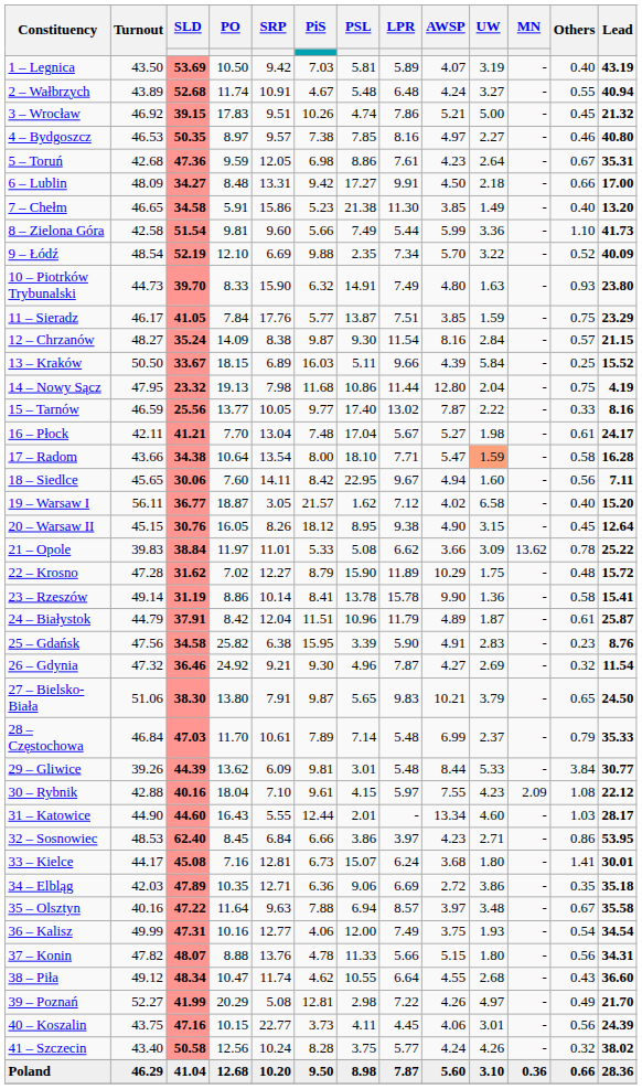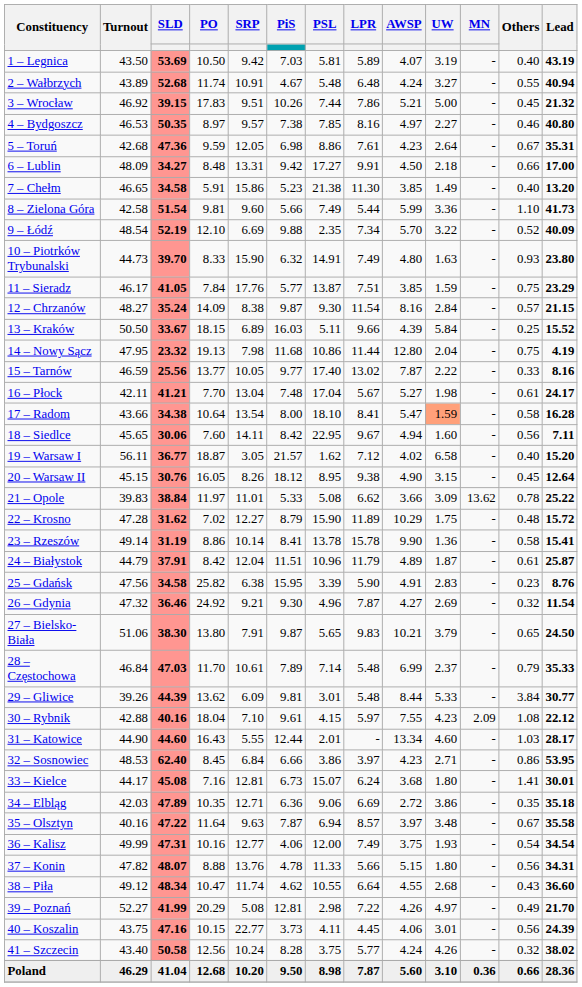 <table class="wikitable sortable collapsible" style="font-size:85%; text-align:right">
 <tr style="height:42px; text-align:center; background-color:#E9E9E9">
 <th rowspan="2" style="width:120px;">Constituency</th>
 <th rowspan="2" data-sort-type="number" style="width:30px;">Turnout</th>
 <th style="width:40px;" class="unsortable"><a href='#'>SLD</a></th>
 <th style="width:40px;" class="unsortable"><a href='#'>PO</a></th>
 <th style="width:40px;" class="unsortable"><a href='#'>SRP</a></th>
 <th style="width:40px;" class="unsortable"><a href='#'>PiS</a></th>
 <th style="width:40px;" class="unsortable"><a href='#'>PSL</a></th>
 <th style="width:40px;" class="unsortable"><a href='#'>LPR</a></th>
 <th style="width:40px;" class="unsortable"><a href='#'>AWSP</a></th>
 <th style="width:40px;" class="unsortable"><a href='#'>UW</a></th>
 <th style="width:40px;" class="unsortable"><a href='#'>MN</a></th>
 <th rowspan="2" data-sort-type="number" style="width:40px;">Others</th>
 <th rowspan="2" data-sort-type="number" style="width:30px;">Lead</th>
 </tr>
 <tr>
 <th data-sort-type="number" style="height:1px; background:"></th>
 <th data-sort-type="number" style="height:1px; background:"></th>
 <th data-sort-type="number" style="height:1px; background:"></th>
 <th data-sort-type="number" style="height:1px; background:#00a1b0;"></th>
 <th data-sort-type="number" style="height:1px; background:"></th>
 <th data-sort-type="number" style="height:1px; background:"></th>
 <th data-sort-type="number" style="height:1px; background:"></th>
 <th data-sort-type="number" style="height:1px; background:"></th>
 <th data-sort-type="number" style="height:1px; background:"></th>
 </tr>
 <tr>
 <td align=left><a href='#'>1 – Legnica</a></td>
 <td>43.50</td>
 <td style="font-weight:bold; background:#FF9691">53.69</td>
 <td>10.50</td>
 <td>9.42</td>
 <td>7.03</td>
 <td>5.81</td>
 <td>5.89</td>
 <td>4.07</td>
 <td>3.19</td>
 <td>-</td>
 <td>0.40</td>
 <td style="background:"><strong>43.19</strong></td>
 </tr>
 <tr>
 <td align=left><a href='#'>2 – Wałbrzych</a></td>
 <td>43.89</td>
 <td style="font-weight:bold; background:#FF9691">52.68</td>
 <td>11.74</td>
 <td>10.91</td>
 <td>4.67</td>
 <td>5.48</td>
 <td>6.48</td>
 <td>4.24</td>
 <td>3.27</td>
 <td>-</td>
 <td>0.55</td>
 <td style="background:"><strong>40.94</strong></td>
 </tr>
 <tr>
 <td align=left><a href='#'>3 – Wrocław</a></td>
 <td>46.92</td>
 <td style="font-weight:bold; background:#FF9691">39.15</td>
 <td>17.83</td>
 <td>9.51</td>
 <td>10.26</td>
-<td>4.74</td>
+<td>7.44</td>
 <td>7.86</td>
 <td>5.21</td>
 <td>5.00</td>
 <td>-</td>
 <td>0.45</td>
 <td style="background:"><strong>21.32</strong></td>
 </tr>
 <tr>
 <td align=left><a href='#'>4 – Bydgoszcz</a></td>
 <td>46.53</td>
 <td style="font-weight:bold; background:#FF9691">50.35</td>
 <td>8.97</td>
 <td>9.57</td>
 <td>7.38</td>
 <td>7.85</td>
 <td>8.16</td>
 <td>4.97</td>
 <td>2.27</td>
 <td>-</td>
 <td>0.46</td>
 <td style="background:"><strong>40.80</strong></td>
 </tr>
 <tr>
 <td align=left><a href='#'>5 – Toruń</a></td>
 <td>42.68</td>
 <td style="font-weight:bold; background:#FF9691">47.36</td>
 <td>9.59</td>
 <td>12.05</td>
 <td>6.98</td>
 <td>8.86</td>
 <td>7.61</td>
 <td>4.23</td>
 <td>2.64</td>
 <td>-</td>
 <td>0.67</td>
 <td style="background:"><strong>35.31</strong></td>
 </tr>
 <tr>
 <td align=left><a href='#'>6 – Lublin</a></td>
 <td>48.09</td>
 <td style="font-weight:bold; background:#FF9691">34.27</td>
 <td>8.48</td>
 <td>13.31</td>
 <td>9.42</td>
 <td>17.27</td>
 <td>9.91</td>
 <td>4.50</td>
 <td>2.18</td>
 <td>-</td>
 <td>0.66</td>
 <td style="background:"><strong>17.00</strong></td>
 </tr>
 <tr>
 <td align=left><a href='#'>7 – Chełm</a></td>
 <td>46.65</td>
 <td style="font-weight:bold; background:#FF9691">34.58</td>
 <td>5.91</td>
 <td>15.86</td>
 <td>5.23</td>
 <td>21.38</td>
 <td>11.30</td>
 <td>3.85</td>
 <td>1.49</td>
 <td>-</td>
 <td>0.40</td>
 <td style="background:"><strong>13.20</strong></td>
 </tr>
 <tr>
 <td align=left><a href='#'>8 – Zielona Góra</a></td>
 <td>42.58</td>
 <td style="font-weight:bold; background:#FF9691">51.54</td>
 <td>9.81</td>
 <td>9.60</td>
 <td>5.66</td>
 <td>7.49</td>
 <td>5.44</td>
 <td>5.99</td>
 <td>3.36</td>
 <td>-</td>
 <td>1.10</td>
 <td style="background:"><strong>41.73</strong></td>
 </tr>
 <tr>
 <td align=left><a href='#'>9 – Łódź</a></td>
 <td>48.54</td>
 <td style="font-weight:bold; background:#FF9691">52.19</td>
 <td>12.10</td>
 <td>6.69</td>
 <td>9.88</td>
 <td>2.35</td>
 <td>7.34</td>
 <td>5.70</td>
 <td>3.22</td>
 <td>-</td>
 <td>0.52</td>
 <td style="background:"><strong>40.09</strong></td>
 </tr>
 <tr>
 <td align=left><a href='#'>10 – Piotrków Trybunalski</a></td>
 <td>44.73</td>
 <td style="font-weight:bold; background:#FF9691">39.70</td>
 <td>8.33</td>
 <td>15.90</td>
 <td>6.32</td>
 <td>14.91</td>
 <td>7.49</td>
 <td>4.80</td>
 <td>1.63</td>
 <td>-</td>
 <td>0.93</td>
 <td style="background:"><strong>23.80</strong></td>
 </tr>
 <tr>
 <td align=left><a href='#'>11 – Sieradz</a></td>
 <td>46.17</td>
 <td style="font-weight:bold; background:#FF9691">41.05</td>
 <td>7.84</td>
 <td>17.76</td>
 <td>5.77</td>
 <td>13.87</td>
 <td>7.51</td>
 <td>3.85</td>
 <td>1.59</td>
 <td>-</td>
 <td>0.75</td>
 <td style="background:"><strong>23.29</strong></td>
 </tr>
 <tr>
 <td align=left><a href='#'>12 – Chrzanów</a></td>
 <td>48.27</td>
 <td style="font-weight:bold; background:#FF9691">35.24</td>
 <td>14.09</td>
 <td>8.38</td>
 <td>9.87</td>
 <td>9.30</td>
 <td>11.54</td>
 <td>8.16</td>
 <td>2.84</td>
 <td>-</td>
 <td>0.57</td>
 <td style="background:"><strong>21.15</strong></td>
 </tr>
 <tr>
 <td align=left><a href='#'>13 – Kraków</a></td>
 <td>50.50</td>
 <td style="font-weight:bold; background:#FF9691">33.67</td>
 <td>18.15</td>
 <td>6.89</td>
 <td>16.03</td>
 <td>5.11</td>
 <td>9.66</td>
 <td>4.39</td>
 <td>5.84</td>
 <td>-</td>
 <td>0.25</td>
 <td style="background:"><strong>15.52</strong></td>
 </tr>
 <tr>
 <td align=left><a href='#'>14 – Nowy Sącz</a></td>
 <td>47.95</td>
 <td style="font-weight:bold; background:#FF9691">23.32</td>
 <td>19.13</td>
 <td>7.98</td>
 <td>11.68</td>
 <td>10.86</td>
 <td>11.44</td>
 <td>12.80</td>
 <td>2.04</td>
 <td>-</td>
 <td>0.75</td>
 <td style="background:"><strong>4.19</strong></td>
 </tr>
 <tr>
 <td align=left><a href='#'>15 – Tarnów</a></td>
 <td>46.59</td>
 <td style="font-weight:bold; background:#FF9691">25.56</td>
 <td>13.77</td>
 <td>10.05</td>
 <td>9.77</td>
 <td>17.40</td>
 <td>13.02</td>
 <td>7.87</td>
 <td>2.22</td>
 <td>-</td>
 <td>0.33</td>
 <td style="background:"><strong>8.16</strong></td>
 </tr>
 <tr>
 <td align=left><a href='#'>16 – Płock</a></td>
 <td>42.11</td>
 <td style="font-weight:bold; background:#FF9691">41.21</td>
 <td>7.70</td>
 <td>13.04</td>
 <td>7.48</td>
 <td>17.04</td>
 <td>5.67</td>
 <td>5.27</td>
 <td>1.98</td>
 <td>-</td>
 <td>0.61</td>
 <td style="background:"><strong>24.17</strong></td>
 </tr>
 <tr>
 <td align=left><a href='#'>17 – Radom</a></td>
 <td>43.66</td>
 <td style="font-weight:bold; background:#FF9691">34.38</td>
 <td>10.64</td>
 <td>13.54</td>
 <td>8.00</td>
 <td>18.10</td>
-<td>7.71</td>
+<td>8.41</td>
 <td>5.47</td>
 <td style="background: lightsalmon;">1.59</td>
 <td>-</td>
 <td>0.58</td>
 <td style="background:"><strong>16.28</strong></td>
 </tr>
 <tr>
 <td align=left><a href='#'>18 – Siedlce</a></td>
 <td>45.65</td>
 <td style="font-weight:bold; background:#FF9691">30.06</td>
 <td>7.60</td>
 <td>14.11</td>
 <td>8.42</td>
 <td>22.95</td>
 <td>9.67</td>
 <td>4.94</td>
 <td>1.60</td>
 <td>-</td>
 <td>0.56</td>
 <td style="background:"><strong>7.11</strong></td>
 </tr>
 <tr>
 <td align=left><a href='#'>19 – Warsaw I</a></td>
 <td>56.11</td>
 <td style="font-weight:bold; background:#FF9691">36.77</td>
 <td>18.87</td>
 <td>3.05</td>
 <td>21.57</td>
 <td>1.62</td>
 <td>7.12</td>
 <td>4.02</td>
 <td>6.58</td>
 <td>-</td>
 <td>0.40</td>
 <td style="background:"><strong>15.20</strong></td>
 </tr>
 <tr>
 <td align=left><a href='#'>20 – Warsaw II</a></td>
 <td>45.15</td>
 <td style="font-weight:bold; background:#FF9691">30.76</td>
 <td>16.05</td>
 <td>8.26</td>
 <td>18.12</td>
 <td>8.95</td>
 <td>9.38</td>
 <td>4.90</td>
 <td>3.15</td>
 <td>-</td>
 <td>0.45</td>
 <td style="background:"><strong>12.64</strong></td>
 </tr>
 <tr>
 <td align=left><a href='#'>21 – Opole</a></td>
 <td>39.83</td>
 <td style="font-weight:bold; background:#FF9691">38.84</td>
 <td>11.97</td>
 <td>11.01</td>
 <td>5.33</td>
 <td>5.08</td>
 <td>6.62</td>
 <td>3.66</td>
 <td>3.09</td>
 <td>13.62</td>
 <td>0.78</td>
 <td style="background:"><strong>25.22</strong></td>
 </tr>
 <tr>
 <td align=left><a href='#'>22 – Krosno</a></td>
 <td>47.28</td>
 <td style="font-weight:bold; background:#FF9691">31.62</td>
 <td>7.02</td>
 <td>12.27</td>
 <td>8.79</td>
 <td>15.90</td>
 <td>11.89</td>
 <td>10.29</td>
 <td>1.75</td>
 <td>-</td>
 <td>0.48</td>
 <td style="background:"><strong>15.72</strong></td>
 </tr>
 <tr>
 <td align=left><a href='#'>23 – Rzeszów</a></td>
 <td>49.14</td>
 <td style="font-weight:bold; background:#FF9691">31.19</td>
 <td>8.86</td>
 <td>10.14</td>
 <td>8.41</td>
 <td>13.78</td>
 <td>15.78</td>
 <td>9.90</td>
 <td>1.36</td>
 <td>-</td>
 <td>0.58</td>
 <td style="background:"><strong>15.41</strong></td>
 </tr>
 <tr>
 <td align=left><a href='#'>24 – Białystok</a></td>
 <td>44.79</td>
 <td style="font-weight:bold; background:#FF9691">37.91</td>
 <td>8.42</td>
 <td>12.04</td>
 <td>11.51</td>
 <td>10.96</td>
 <td>11.79</td>
 <td>4.89</td>
 <td>1.87</td>
 <td>-</td>
 <td>0.61</td>
 <td style="background:"><strong>25.87</strong></td>
 </tr>
 <tr>
 <td align=left><a href='#'>25 – Gdańsk</a></td>
 <td>47.56</td>
 <td style="font-weight:bold; background:#FF9691">34.58</td>
 <td>25.82</td>
 <td>6.38</td>
 <td>15.95</td>
 <td>3.39</td>
 <td>5.90</td>
 <td>4.91</td>
 <td>2.83</td>
 <td>-</td>
 <td>0.23</td>
 <td style="background:"><strong>8.76</strong></td>
 </tr>
 <tr>
 <td align=left><a href='#'>26 – Gdynia</a></td>
 <td>47.32</td>
 <td style="font-weight:bold; background:#FF9691">36.46</td>
 <td>24.92</td>
 <td>9.21</td>
 <td>9.30</td>
 <td>4.96</td>
 <td>7.87</td>
 <td>4.27</td>
 <td>2.69</td>
 <td>-</td>
 <td>0.32</td>
 <td style="background:"><strong>11.54</strong></td>
 </tr>
 <tr>
 <td align=left><a href='#'>27 – Bielsko-Biała</a></td>
 <td>51.06</td>
 <td style="font-weight:bold; background:#FF9691">38.30</td>
 <td>13.80</td>
 <td>7.91</td>
 <td>9.87</td>
 <td>5.65</td>
 <td>9.83</td>
 <td>10.21</td>
 <td>3.79</td>
 <td>-</td>
 <td>0.65</td>
 <td style="background:"><strong>24.50</strong></td>
 </tr>
 <tr>
 <td align=left><a href='#'>28 – Częstochowa</a></td>
 <td>46.84</td>
 <td style="font-weight:bold; background:#FF9691">47.03</td>
 <td>11.70</td>
 <td>10.61</td>
 <td>7.89</td>
 <td>7.14</td>
 <td>5.48</td>
 <td>6.99</td>
 <td>2.37</td>
 <td>-</td>
 <td>0.79</td>
 <td style="background:"><strong>35.33</strong></td>
 </tr>
 <tr>
 <td align=left><a href='#'>29 – Gliwice</a></td>
 <td>39.26</td>
 <td style="font-weight:bold; background:#FF9691">44.39</td>
 <td>13.62</td>
 <td>6.09</td>
 <td>9.81</td>
 <td>3.01</td>
 <td>5.48</td>
 <td>8.44</td>
 <td>5.33</td>
 <td>-</td>
 <td>3.84</td>
 <td style="background:"><strong>30.77</strong></td>
 </tr>
 <tr>
 <td align=left><a href='#'>30 – Rybnik</a></td>
 <td>42.88</td>
 <td style="font-weight:bold; background:#FF9691">40.16</td>
 <td>18.04</td>
 <td>7.10</td>
 <td>9.61</td>
 <td>4.15</td>
 <td>5.97</td>
 <td>7.55</td>
 <td>4.23</td>
 <td>2.09</td>
 <td>1.08</td>
 <td style="background:"><strong>22.12</strong></td>
 </tr>
 <tr>
 <td align=left><a href='#'>31 – Katowice</a></td>
 <td>44.90</td>
 <td style="font-weight:bold; background:#FF9691">44.60</td>
 <td>16.43</td>
 <td>5.55</td>
 <td>12.44</td>
 <td>2.01</td>
 <td>-</td>
 <td>13.34</td>
 <td>4.60</td>
 <td>-</td>
 <td>1.03</td>
 <td style="background:"><strong>28.17</strong></td>
 </tr>
 <tr>
 <td align=left><a href='#'>32 – Sosnowiec</a></td>
 <td>48.53</td>
 <td style="font-weight:bold; background:#FF9691">62.40</td>
 <td>8.45</td>
 <td>6.84</td>
 <td>6.66</td>
 <td>3.86</td>
 <td>3.97</td>
 <td>4.23</td>
 <td>2.71</td>
 <td>-</td>
 <td>0.86</td>
 <td style="background:"><strong>53.95</strong></td>
 </tr>
 <tr>
 <td align=left><a href='#'>33 – Kielce</a></td>
 <td>44.17</td>
 <td style="font-weight:bold; background:#FF9691">45.08</td>
 <td>7.16</td>
 <td>12.81</td>
 <td>6.73</td>
 <td>15.07</td>
 <td>6.24</td>
 <td>3.68</td>
 <td>1.80</td>
 <td>-</td>
 <td>1.41</td>
 <td style="background:"><strong>30.01</strong></td>
 </tr>
 <tr>
 <td align=left><a href='#'>34 – Elbląg</a></td>
 <td>42.03</td>
 <td style="font-weight:bold; background:#FF9691">47.89</td>
 <td>10.35</td>
 <td>12.71</td>
 <td>6.36</td>
 <td>9.06</td>
 <td>6.69</td>
 <td>2.72</td>
 <td>3.86</td>
 <td>-</td>
 <td>0.35</td>
 <td style="background:"><strong>35.18</strong></td>
 </tr>
 <tr>
 <td align=left><a href='#'>35 – Olsztyn</a></td>
 <td>40.16</td>
 <td style="font-weight:bold; background:#FF9691">47.22</td>
 <td>11.64</td>
 <td>9.63</td>
-<td>7.88</td>
+<td>7.87</td>
 <td>6.94</td>
 <td>8.57</td>
 <td>3.97</td>
 <td>3.48</td>
 <td>-</td>
 <td>0.67</td>
 <td style="background:"><strong>35.58</strong></td>
 </tr>
 <tr>
 <td align=left><a href='#'>36 – Kalisz</a></td>
 <td>49.99</td>
 <td style="font-weight:bold; background:#FF9691">47.31</td>
 <td>10.16</td>
 <td>12.77</td>
 <td>4.06</td>
 <td>12.00</td>
 <td>7.49</td>
 <td>3.75</td>
 <td>1.93</td>
 <td>-</td>
 <td>0.54</td>
 <td style="background:"><strong>34.54</strong></td>
 </tr>
 <tr>
 <td align=left><a href='#'>37 – Konin</a></td>
 <td>47.82</td>
 <td style="font-weight:bold; background:#FF9691">48.07</td>
 <td>8.88</td>
 <td>13.76</td>
 <td>4.78</td>
 <td>11.33</td>
 <td>5.66</td>
 <td>5.15</td>
 <td>1.80</td>
 <td>-</td>
 <td>0.56</td>
 <td style="background:"><strong>34.31</strong></td>
 </tr>
 <tr>
 <td align=left><a href='#'>38 – Piła</a></td>
 <td>49.12</td>
 <td style="font-weight:bold; background:#FF9691">48.34</td>
 <td>10.47</td>
 <td>11.74</td>
 <td>4.62</td>
 <td>10.55</td>
 <td>6.64</td>
 <td>4.55</td>
 <td>2.68</td>
 <td>-</td>
 <td>0.43</td>
 <td style="background:"><strong>36.60</strong></td>
 </tr>
 <tr>
 <td align=left><a href='#'>39 – Poznań</a></td>
 <td>52.27</td>
 <td style="font-weight:bold; background:#FF9691">41.99</td>
 <td>20.29</td>
 <td>5.08</td>
 <td>12.81</td>
 <td>2.98</td>
 <td>7.22</td>
 <td>4.26</td>
 <td>4.97</td>
 <td>-</td>
 <td>0.49</td>
 <td style="background:"><strong>21.70</strong></td>
 </tr>
 <tr>
 <td align=left><a href='#'>40 – Koszalin</a></td>
 <td>43.75</td>
 <td style="font-weight:bold; background:#FF9691">47.16</td>
 <td>10.15</td>
 <td>22.77</td>
 <td>3.73</td>
 <td>4.11</td>
 <td>4.45</td>
 <td>4.06</td>
 <td>3.01</td>
 <td>-</td>
 <td>0.56</td>
 <td style="background:"><strong>24.39</strong></td>
 </tr>
 <tr>
 <td align=left><a href='#'>41 – Szczecin</a></td>
 <td>43.40</td>
 <td style="font-weight:bold; background:#FF9691">50.58</td>
 <td>12.56</td>
 <td>10.24</td>
 <td>8.28</td>
 <td>3.75</td>
 <td>5.77</td>
 <td>4.24</td>
 <td>4.26</td>
 <td>-</td>
 <td>0.32</td>
 <td style="background:"><strong>38.02</strong></td>
 </tr>
 <tr>
 </tr>
 <tr style="background:#EFEFEF; font-weight:bold;">
 <td align=left>Poland</td>
 <td>46.29</td>
 <td>41.04</td>
 <td>12.68</td>
 <td>10.20</td>
 <td>9.50</td>
 <td>8.98</td>
 <td>7.87</td>
 <td>5.60</td>
 <td>3.10</td>
 <td>0.36</td>
 <td>0.66</td>
 <td>28.36</td>
 </tr>
 <tr>
 </tr>
 </table>
